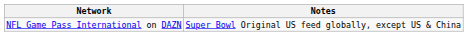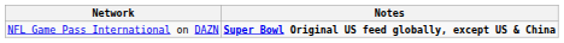 <table class="wikitable">
 <tr>
 <th>Network</th>
 <th>Notes</th>
 </tr>
 <tr>
 <td><a href='#'>NFL Game Pass International</a> on <a href='#'>DAZN</a></td>
-<td><a href='#'>Super Bowl</a> Original US feed globally, except US & China</td>
+<td><strong><a href='#'>Super Bowl</a> Original US feed globally, except US & China</strong></td>
 </tr>
 </table>
